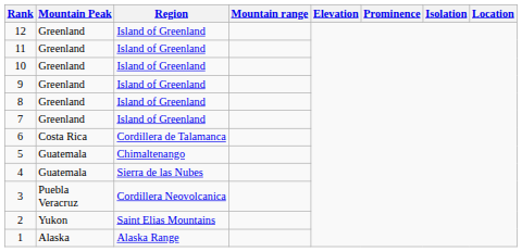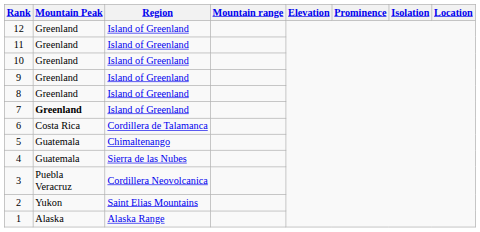 <table class="wikitable sortable">
 <tr>
 <th><a href='#'>Rank</a></th>
 <th><a href='#'>Mountain Peak</a></th>
 <th><a href='#'>Region</a></th>
 <th><a href='#'>Mountain range</a></th>
 <th><a href='#'>Elevation</a></th>
 <th><a href='#'>Prominence</a></th>
 <th><a href='#'>Isolation</a></th>
 <th><a href='#'>Location</a></th>
 </tr>
 <tr>
 <td align=center>12<br></td>
 <td>Greenland</td>
 <td><a href='#'>Island of Greenland</a><br></td>
 <td></td>
 </tr>
 <tr>
 <td align=center>11<br></td>
 <td>Greenland</td>
 <td><a href='#'>Island of Greenland</a><br></td>
 <td></td>
 </tr>
 <tr>
 <td align=center>10<br></td>
 <td>Greenland</td>
 <td><a href='#'>Island of Greenland</a><br></td>
 <td></td>
 </tr>
 <tr>
 <td align=center>9<br></td>
 <td>Greenland</td>
 <td><a href='#'>Island of Greenland</a><br></td>
 <td></td>
 </tr>
 <tr>
 <td align=center>8<br></td>
 <td>Greenland</td>
 <td><a href='#'>Island of Greenland</a><br></td>
 <td></td>
 </tr>
 <tr>
 <td align=center>7<br></td>
-<td>Greenland</td>
+<td><strong>Greenland</strong></td>
 <td><a href='#'>Island of Greenland</a><br></td>
 <td></td>
 </tr>
 <tr>
 <td align=center>6<br></td>
 <td>Costa Rica</td>
 <td><a href='#'>Cordillera de Talamanca</a><br></td>
 <td></td>
 </tr>
 <tr>
 <td align=center>5<br></td>
 <td>Guatemala</td>
 <td><a href='#'>Chimaltenango</a><br></td>
 <td></td>
 </tr>
 <tr>
 <td align=center>4<br></td>
 <td>Guatemala</td>
 <td><a href='#'>Sierra de las Nubes</a><br></td>
 <td></td>
 </tr>
 <tr>
 <td align=center>3<br></td>
 <td>Puebla<br>Veracruz</td>
 <td><a href='#'>Cordillera Neovolcanica</a><br></td>
 <td></td>
 </tr>
 <tr>
 <td align=center>2<br></td>
 <td>Yukon</td>
 <td><a href='#'>Saint Elias Mountains</a><br></td>
 <td></td>
 </tr>
 <tr>
 <td align=center>1<br></td>
 <td>Alaska</td>
 <td><a href='#'>Alaska Range</a><br></td>
 <td></td>
 </tr>
 </table>
